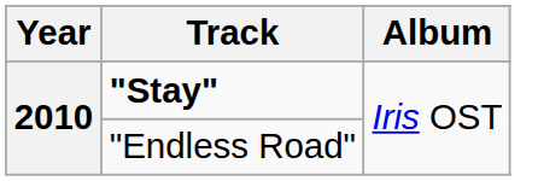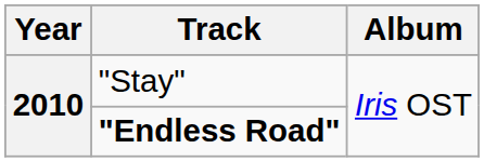 <table class="wikitable">
 <tr>
 <th>Year</th>
 <th>Track</th>
 <th>Album</th>
 </tr>
 <tr>
 <th scope="row" rowspan="2">2010</th>
-<td><strong>"Stay"</strong></td>
+<td>"Stay"</td>
 <td rowspan=2><em><a href='#'>Iris</a></em> OST</td>
 </tr>
 <tr>
-<td>"Endless Road"</td>
+<td><strong>"Endless Road"</strong></td>
 </tr>
 </table>
